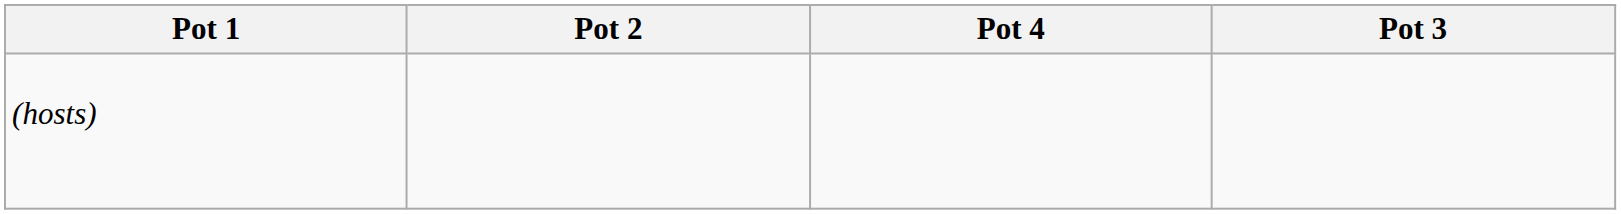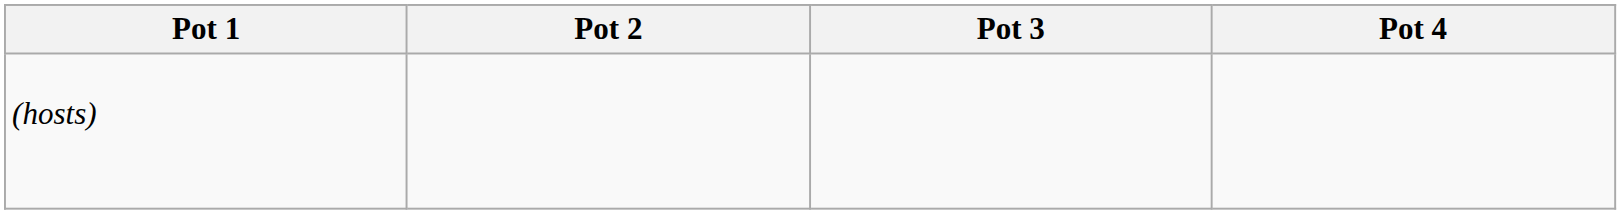 <table class="wikitable">
 <tr>
 <th width=200px>Pot 1</th>
 <th width=200px>Pot 2</th>
+<th width=200px>Pot 3</th>
 <th width=200px>Pot 4</th>
-<th width=200px>Pot 3</th>
 </tr>
 <tr>
 <td><br> <em>(hosts)</em> <br>  <br>  <br> </td>
 <td><br> <br>  <br>  <br> </td>
 <td><br> <br>  <br>  <br> </td>
 <td><br> <br>  <br>  <br> </td>
 </tr>
 </table>
